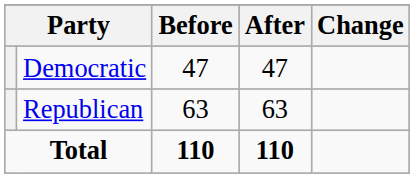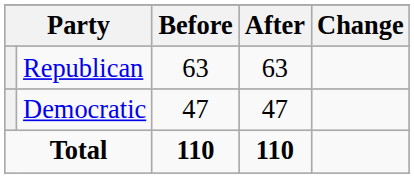 <table class="wikitable" style="text-align:center;">
 <tr>
 </tr>
 <tr>
 <th colspan=2>Party</th>
 <th>Before</th>
 <th>After</th>
 <th>Change</th>
 </tr>
 <tr>
 <th style="background-color:"></th>
-<td style="text-align:left;"><a href='#'>Democratic</a></td>
-<td>47</td>
-<td>47</td>
+<td style="text-align:left;"><a href='#'>Republican</a></td>
+<td>63</td>
+<td>63</td>
 <td></td>
 </tr>
 <tr>
 <th style="background-color:"></th>
-<td style="text-align:left;"><a href='#'>Republican</a></td>
-<td>63</td>
-<td>63</td>
+<td style="text-align:left;"><a href='#'>Democratic</a></td>
+<td>47</td>
+<td>47</td>
 <td></td>
 </tr>
 <tr>
 <td colspan=2><strong>Total</strong></td>
 <td><strong>110</strong></td>
 <td><strong>110</strong></td>
 <td></td>
 </tr>
 </table>
